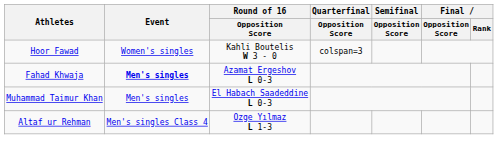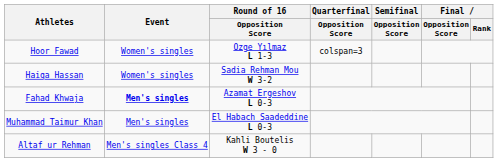 <table class=wikitable style=font-size:88%;text-align:center>
 <tr>
 <th rowspan=2>Athletes</th>
 <th rowspan=2>Event</th>
 <th>Round of 16</th>
 <th>Quarterfinal</th>
 <th>Semifinal</th>
 <th colspan=2>Final / </th>
 </tr>
 <tr style=font-size:95%>
 <th>Opposition<br>Score</th>
 <th>Opposition<br>Score</th>
 <th>Opposition<br>Score</th>
 <th>Opposition<br>Score</th>
 <th>Rank</th>
 </tr>
 <tr>
 <td><a href='#'>Hoor Fawad</a></td>
 <td><a href='#'>Women's singles</a></td>
-<td> Kahli Boutelis<br><strong>W</strong> 3 - 0</td>
+<td> <a href='#'>Ozge Yılmaz</a><br><strong>L</strong> 1-3</td>
 <td>colspan=3 </td>
+<td></td>
+</tr>
+<tr>
+<td><a href='#'>Haiqa Hassan</a></td>
+<td><a href='#'>Women's singles</a></td>
+<td> <a href='#'>Sadia Rehman Mou</a><br><strong>W</strong> 3-2</td>
+<td></td>
+<td></td>
+<td></td>
 <td></td>
 </tr>
 <tr>
 <td><a href='#'>Fahad Khwaja</a></td>
 <td><strong><a href='#'>Men's singles</a></strong></td>
 <td> <a href='#'>Azamat Ergeshov</a><br><strong>L</strong>  0-3</td>
 <td colspan="3"></td>
 <td></td>
 </tr>
 <tr>
 <td><a href='#'>Muhammad Taimur Khan</a></td>
 <td><a href='#'>Men's singles</a></td>
 <td> <a href='#'>El Habach Saadeddine</a><br><strong>L</strong> 0-3</td>
 <td colspan="3"></td>
 <td></td>
 </tr>
 <tr>
 <td><a href='#'>Altaf ur Rehman</a></td>
 <td><a href='#'>Men's singles Class 4</a></td>
-<td> <a href='#'>Ozge Yılmaz</a><br><strong>L</strong> 1-3</td>
+<td> Kahli Boutelis<br><strong>W</strong> 3 - 0</td>
 <td></td>
 <td></td>
 <td></td>
 <td></td>
 </tr>
 </table>
